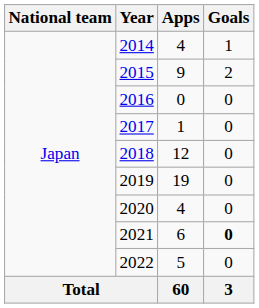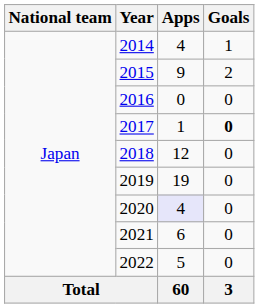 <table class="wikitable" style="text-align:center">
 <tr>
 <th>National team</th>
 <th>Year</th>
 <th>Apps</th>
 <th>Goals</th>
 </tr>
 <tr>
 <td rowspan="9"><a href='#'>Japan</a></td>
 <td><a href='#'>2014</a></td>
 <td>4</td>
 <td>1</td>
 </tr>
 <tr>
 <td><a href='#'>2015</a></td>
 <td>9</td>
 <td>2</td>
 </tr>
 <tr>
 <td><a href='#'>2016</a></td>
 <td>0</td>
 <td>0</td>
 </tr>
 <tr>
 <td><a href='#'>2017</a></td>
 <td>1</td>
-<td>0</td>
+<td><strong>0</strong></td>
 </tr>
 <tr>
 <td><a href='#'>2018</a></td>
 <td>12</td>
 <td>0</td>
 </tr>
 <tr>
 <td>2019</td>
 <td>19</td>
 <td>0</td>
 </tr>
 <tr>
 <td>2020</td>
-<td>4</td>
+<td style="background: lavender;">4</td>
 <td>0</td>
 </tr>
 <tr>
 <td>2021</td>
 <td>6</td>
-<td><strong>0</strong></td>
+<td>0</td>
 </tr>
 <tr>
 <td>2022</td>
 <td>5</td>
 <td>0</td>
 </tr>
 <tr>
 <th colspan="2">Total</th>
 <th>60</th>
 <th>3</th>
 </tr>
 </table>
